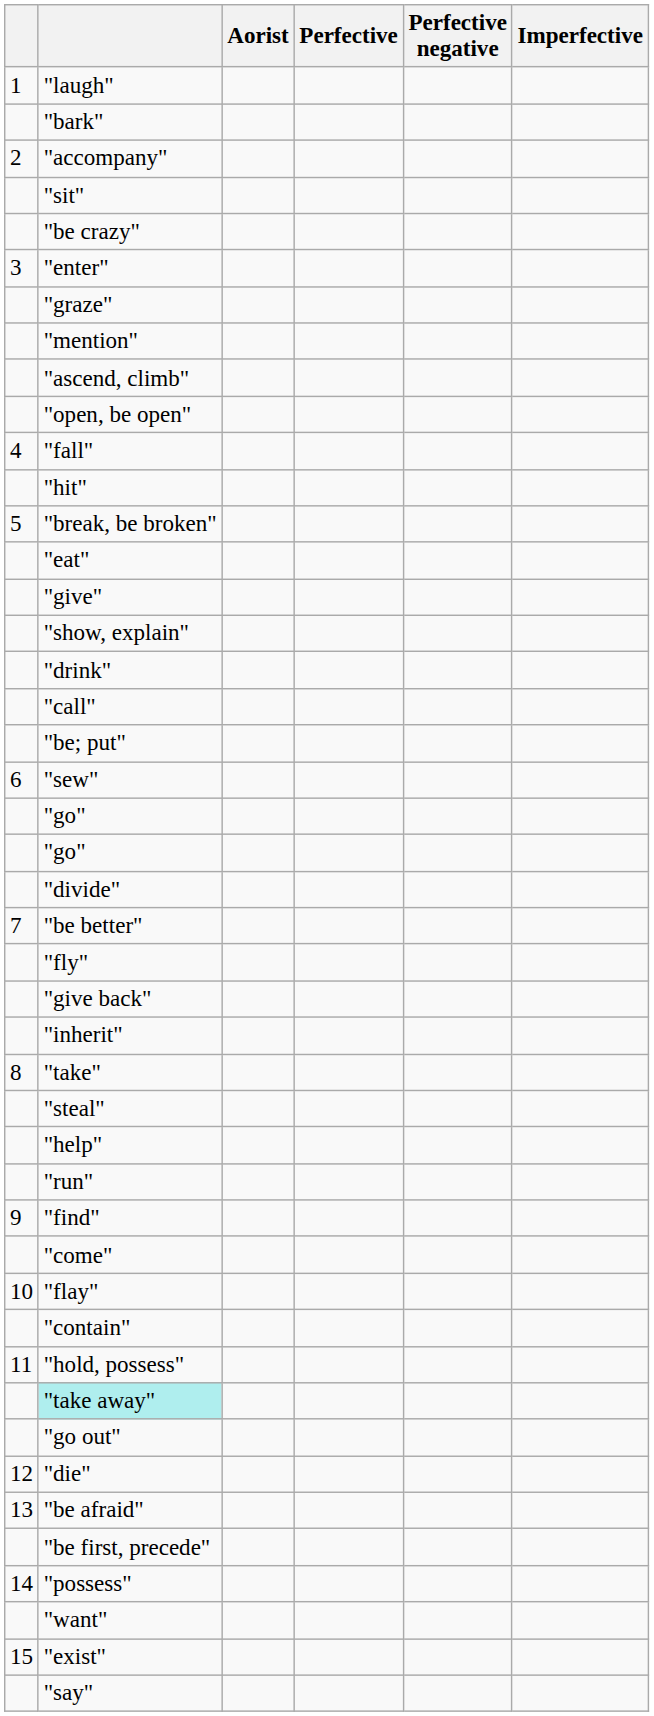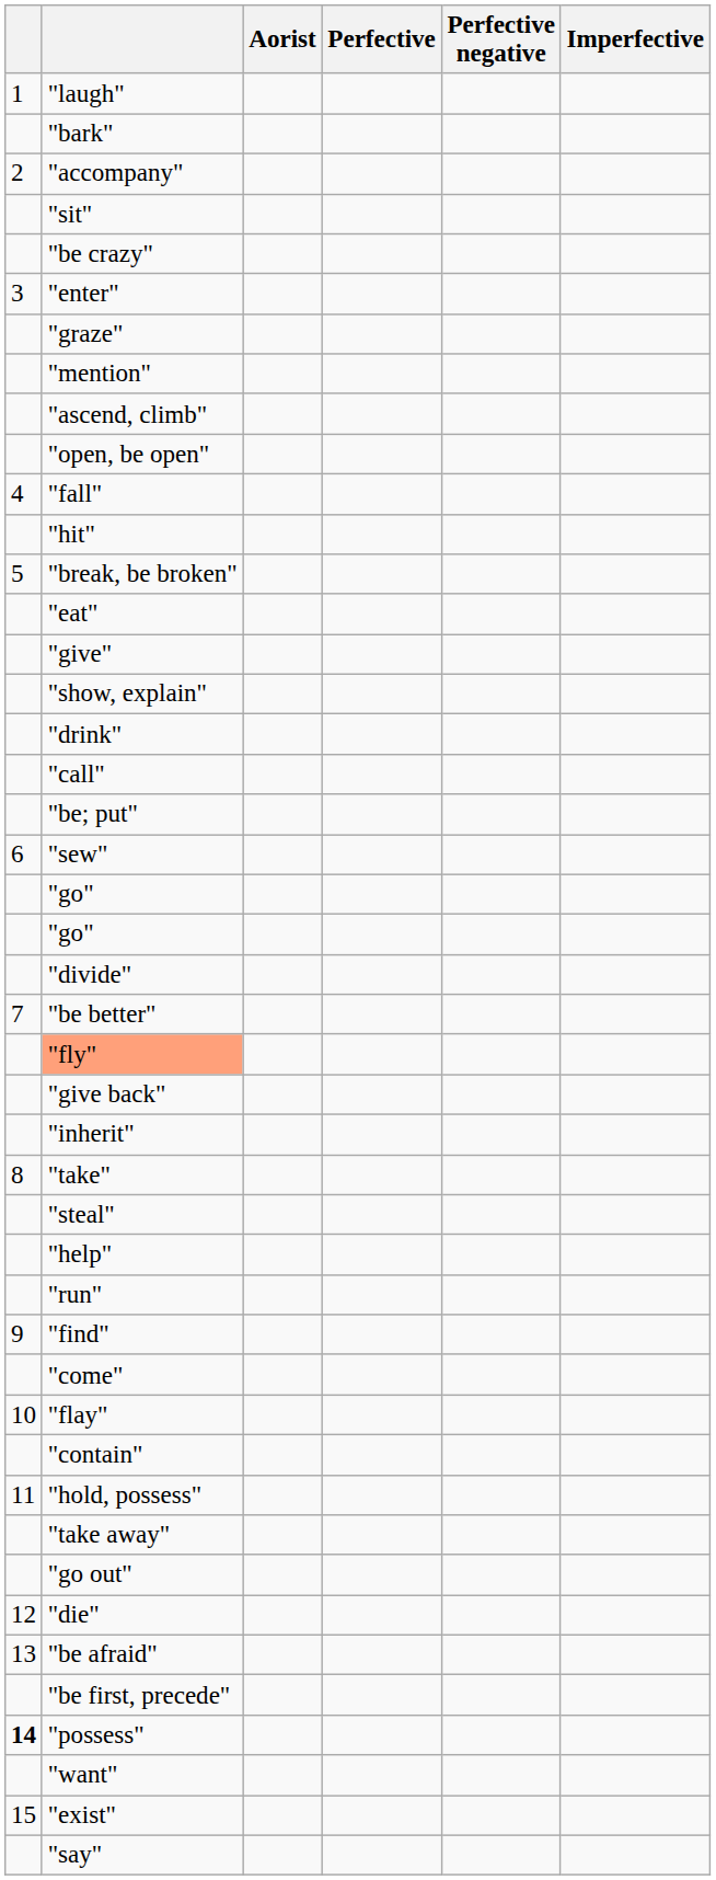 <table class="wikitable" border="1">
 <tr>
 <th></th>
 <th></th>
 <th>Aorist</th>
 <th>Perfective</th>
 <th>Perfective<br>negative</th>
 <th>Imperfective</th>
 </tr>
 <tr>
 <td>1</td>
 <td>"laugh"</td>
 <td></td>
 <td></td>
 <td></td>
 <td></td>
 </tr>
 <tr>
 <td></td>
 <td>"bark"</td>
 <td></td>
 <td></td>
 <td></td>
 <td></td>
 </tr>
 <tr>
 <td>2</td>
 <td>"accompany"</td>
 <td></td>
 <td></td>
 <td></td>
 <td></td>
 </tr>
 <tr>
 <td></td>
 <td>"sit"</td>
 <td></td>
 <td></td>
 <td></td>
 <td></td>
 </tr>
 <tr>
 <td></td>
 <td>"be crazy"</td>
 <td></td>
 <td></td>
 <td></td>
 <td></td>
 </tr>
 <tr>
 <td>3</td>
 <td>"enter"</td>
 <td></td>
 <td></td>
 <td></td>
 <td></td>
 </tr>
 <tr>
 <td></td>
 <td>"graze"</td>
 <td></td>
 <td></td>
 <td></td>
 <td></td>
 </tr>
 <tr>
 <td></td>
 <td>"mention"</td>
 <td></td>
 <td></td>
 <td></td>
 <td></td>
 </tr>
 <tr>
 <td></td>
 <td>"ascend, climb"</td>
 <td></td>
 <td></td>
 <td></td>
 <td></td>
 </tr>
 <tr>
 <td></td>
 <td>"open, be open"</td>
 <td></td>
 <td></td>
 <td></td>
 <td></td>
 </tr>
 <tr>
 <td>4</td>
 <td>"fall"</td>
 <td></td>
 <td></td>
 <td></td>
 <td></td>
 </tr>
 <tr>
 <td></td>
 <td>"hit"</td>
 <td></td>
 <td></td>
 <td></td>
 <td></td>
 </tr>
 <tr>
 <td>5</td>
 <td>"break, be broken"</td>
 <td></td>
 <td></td>
 <td></td>
 <td></td>
 </tr>
 <tr>
 <td></td>
 <td>"eat"</td>
 <td></td>
 <td></td>
 <td></td>
 <td></td>
 </tr>
 <tr>
 <td></td>
 <td>"give"</td>
 <td></td>
 <td></td>
 <td></td>
 <td></td>
 </tr>
 <tr>
 <td></td>
 <td>"show, explain"</td>
 <td></td>
 <td></td>
 <td></td>
 <td></td>
 </tr>
 <tr>
 <td></td>
 <td>"drink"</td>
 <td></td>
 <td></td>
 <td></td>
 <td></td>
 </tr>
 <tr>
 <td></td>
 <td>"call"</td>
 <td></td>
 <td></td>
 <td></td>
 <td></td>
 </tr>
 <tr>
 <td></td>
 <td>"be; put"</td>
 <td></td>
 <td></td>
 <td></td>
 <td></td>
 </tr>
 <tr>
 <td>6</td>
 <td>"sew"</td>
 <td></td>
 <td></td>
 <td></td>
 <td></td>
 </tr>
 <tr>
 <td></td>
 <td>"go"</td>
 <td></td>
 <td></td>
 <td></td>
 <td></td>
 </tr>
 <tr>
 <td></td>
 <td>"go"</td>
 <td></td>
 <td></td>
 <td></td>
 <td></td>
 </tr>
 <tr>
 <td></td>
 <td>"divide"</td>
 <td></td>
 <td></td>
 <td></td>
 <td></td>
 </tr>
 <tr>
 <td>7</td>
 <td>"be better"</td>
 <td></td>
 <td></td>
 <td></td>
 <td></td>
 </tr>
 <tr>
 <td></td>
-<td>"fly"</td>
+<td style="background: lightsalmon;">"fly"</td>
 <td></td>
 <td></td>
 <td></td>
 <td></td>
 </tr>
 <tr>
 <td></td>
 <td>"give back"</td>
 <td></td>
 <td></td>
 <td></td>
 <td></td>
 </tr>
 <tr>
 <td></td>
 <td>"inherit"</td>
 <td></td>
 <td></td>
 <td></td>
 <td></td>
 </tr>
 <tr>
 <td>8</td>
 <td>"take"</td>
 <td></td>
 <td></td>
 <td></td>
 <td></td>
 </tr>
 <tr>
 <td></td>
 <td>"steal"</td>
 <td></td>
 <td></td>
 <td></td>
 <td></td>
 </tr>
 <tr>
 <td></td>
 <td>"help"</td>
 <td></td>
 <td></td>
 <td></td>
 <td></td>
 </tr>
 <tr>
 <td></td>
 <td>"run"</td>
 <td></td>
 <td></td>
 <td></td>
 <td></td>
 </tr>
 <tr>
 <td>9</td>
 <td>"find"</td>
 <td></td>
 <td></td>
 <td></td>
 <td></td>
 </tr>
 <tr>
 <td></td>
 <td>"come"</td>
 <td></td>
 <td></td>
 <td></td>
 <td></td>
 </tr>
 <tr>
 <td>10</td>
 <td>"flay"</td>
 <td></td>
 <td></td>
 <td></td>
 <td></td>
 </tr>
 <tr>
 <td></td>
 <td>"contain"</td>
 <td></td>
 <td></td>
 <td></td>
 <td></td>
 </tr>
 <tr>
 <td>11</td>
 <td>"hold, possess"</td>
 <td></td>
 <td></td>
 <td></td>
 <td></td>
 </tr>
 <tr>
 <td></td>
-<td style="background: paleturquoise;">"take away"</td>
+<td>"take away"</td>
 <td></td>
 <td></td>
 <td></td>
 <td></td>
 </tr>
 <tr>
 <td></td>
 <td>"go out"</td>
 <td></td>
 <td></td>
 <td></td>
 <td></td>
 </tr>
 <tr>
 <td>12</td>
 <td>"die"</td>
 <td></td>
 <td></td>
 <td></td>
 <td></td>
 </tr>
 <tr>
 <td>13</td>
 <td>"be afraid"</td>
 <td></td>
 <td></td>
 <td></td>
 <td></td>
 </tr>
 <tr>
 <td></td>
 <td>"be first, precede"</td>
 <td></td>
 <td></td>
 <td></td>
 <td></td>
 </tr>
 <tr>
-<td>14</td>
+<td><strong>14</strong></td>
 <td>"possess"</td>
 <td></td>
 <td></td>
 <td></td>
 <td></td>
 </tr>
 <tr>
 <td></td>
 <td>"want"</td>
 <td></td>
 <td></td>
 <td></td>
 <td></td>
 </tr>
 <tr>
 <td>15</td>
 <td>"exist"</td>
 <td></td>
 <td></td>
 <td></td>
 <td></td>
 </tr>
 <tr>
 <td></td>
 <td>"say"</td>
 <td></td>
 <td></td>
 <td></td>
 <td></td>
 </tr>
 </table>
